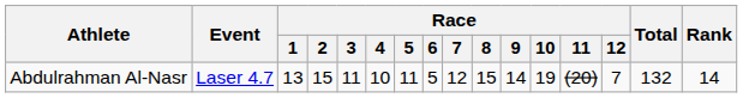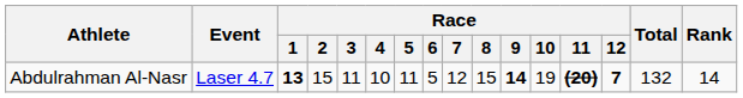 <table class=wikitable style=font-size:90%;text-align:center>
 <tr>
 <th rowspan="2">Athlete</th>
 <th rowspan="2">Event</th>
 <th colspan=12>Race</th>
 <th rowspan=2>Total</th>
 <th rowspan=2>Rank</th>
 </tr>
 <tr style="font-size:95%">
 <th>1</th>
 <th>2</th>
 <th>3</th>
 <th>4</th>
 <th>5</th>
 <th>6</th>
 <th>7</th>
 <th>8</th>
 <th>9</th>
 <th>10</th>
 <th>11</th>
 <th>12</th>
 </tr>
 <tr>
 <td align=left>Abdulrahman Al-Nasr</td>
 <td align=left><a href='#'>Laser 4.7</a></td>
-<td>13</td>
+<td><strong>13</strong></td>
 <td>15</td>
 <td>11</td>
 <td>10</td>
 <td>11</td>
 <td>5</td>
 <td>12</td>
 <td>15</td>
-<td>14</td>
+<td><strong>14</strong></td>
 <td>19</td>
-<td><s>(20)</s></td>
-<td>7</td>
+<td><strong><s>(20)</s></strong></td>
+<td><strong>7</strong></td>
 <td>132</td>
 <td>14</td>
 </tr>
 </table>
